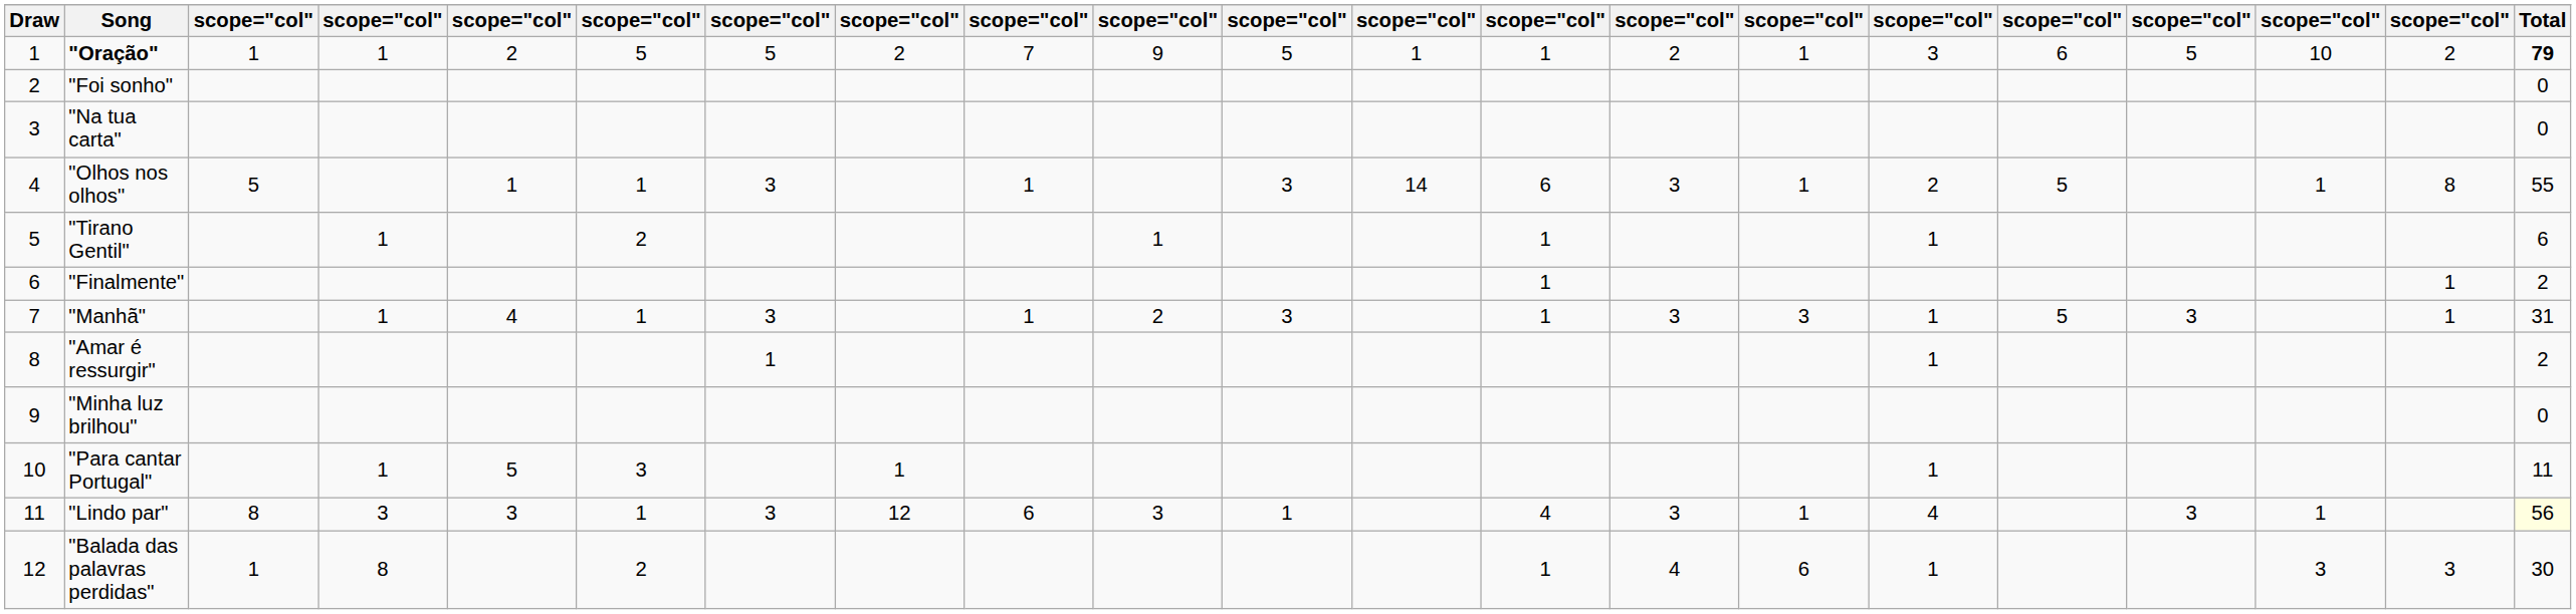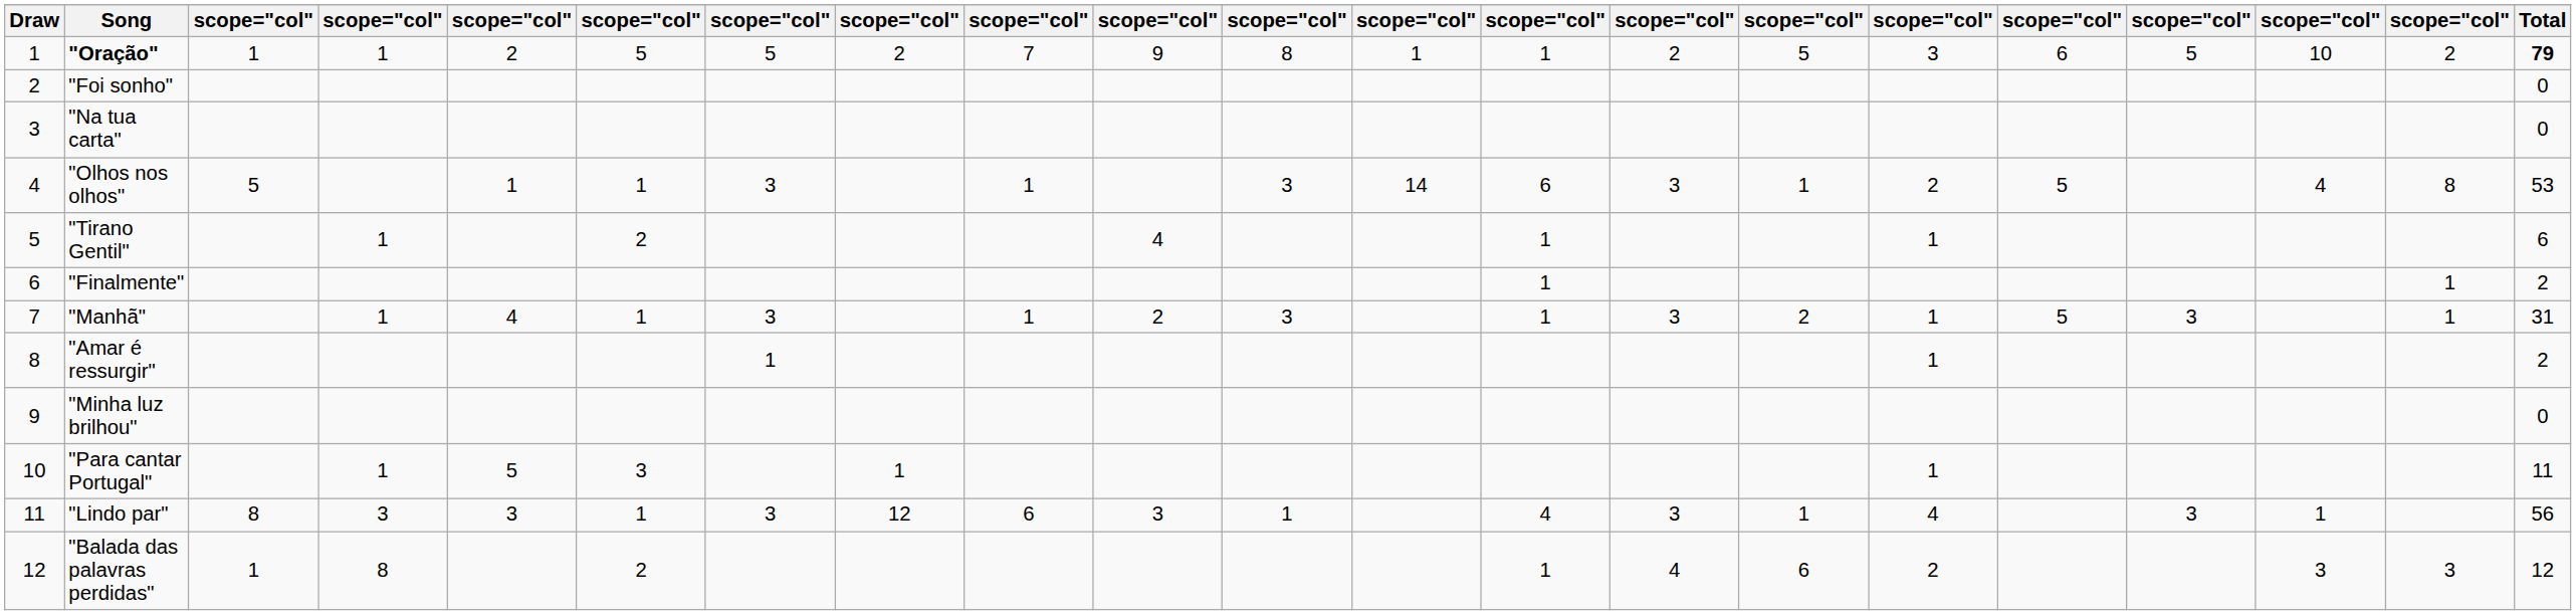 <table class="wikitable plainrowheaders" style="margin: 1em auto 1em auto; text-align:center;">
 <tr>
 </tr>
 <tr>
 <th scope="col">Draw</th>
 <th scope="col">Song</th>
 <th>scope="col" </th>
 <th>scope="col" </th>
 <th>scope="col" </th>
 <th>scope="col" </th>
 <th>scope="col" </th>
 <th>scope="col" </th>
 <th>scope="col" </th>
 <th>scope="col" </th>
 <th>scope="col" </th>
 <th>scope="col" </th>
 <th>scope="col" </th>
 <th>scope="col" </th>
 <th>scope="col" </th>
 <th>scope="col" </th>
 <th>scope="col" </th>
 <th>scope="col" </th>
 <th>scope="col" </th>
 <th>scope="col" </th>
 <th scope="col">Total</th>
 </tr>
 <tr>
 <td>1</td>
 <td align="left"><strong>"Oração"</strong></td>
 <td>1</td>
 <td>1</td>
 <td>2</td>
 <td>5</td>
 <td>5</td>
 <td>2</td>
 <td>7</td>
 <td>9</td>
-<td>5</td>
+<td>8</td>
 <td>1</td>
 <td>1</td>
 <td>2</td>
-<td>1</td>
+<td>5</td>
 <td>3</td>
 <td>6</td>
 <td>5</td>
 <td>10</td>
 <td>2</td>
 <td><strong>79</strong></td>
 </tr>
 <tr>
 <td>2</td>
 <td align="left">"Foi sonho"</td>
 <td></td>
 <td></td>
 <td></td>
 <td></td>
 <td></td>
 <td></td>
 <td></td>
 <td></td>
 <td></td>
 <td></td>
 <td></td>
 <td></td>
 <td></td>
 <td></td>
 <td></td>
 <td></td>
 <td></td>
 <td></td>
 <td>0</td>
 </tr>
 <tr>
 <td>3</td>
 <td align="left">"Na tua carta"</td>
 <td></td>
 <td></td>
 <td></td>
 <td></td>
 <td></td>
 <td></td>
 <td></td>
 <td></td>
 <td></td>
 <td></td>
 <td></td>
 <td></td>
 <td></td>
 <td></td>
 <td></td>
 <td></td>
 <td></td>
 <td></td>
 <td>0</td>
 </tr>
 <tr>
 <td>4</td>
 <td align="left">"Olhos nos olhos"</td>
 <td>5</td>
 <td></td>
 <td>1</td>
 <td>1</td>
 <td>3</td>
 <td></td>
 <td>1</td>
 <td></td>
 <td>3</td>
 <td>14</td>
 <td>6</td>
 <td>3</td>
 <td>1</td>
 <td>2</td>
 <td>5</td>
 <td></td>
-<td>1</td>
+<td>4</td>
 <td>8</td>
-<td>55</td>
+<td>53</td>
 </tr>
 <tr>
 <td>5</td>
 <td align="left">"Tirano Gentil"</td>
 <td></td>
 <td>1</td>
 <td></td>
 <td>2</td>
 <td></td>
 <td></td>
 <td></td>
-<td>1</td>
+<td>4</td>
 <td></td>
 <td></td>
 <td>1</td>
 <td></td>
 <td></td>
 <td>1</td>
 <td></td>
 <td></td>
 <td></td>
 <td></td>
 <td>6</td>
 </tr>
 <tr>
 <td>6</td>
 <td align="left">"Finalmente"</td>
 <td></td>
 <td></td>
 <td></td>
 <td></td>
 <td></td>
 <td></td>
 <td></td>
 <td></td>
 <td></td>
 <td></td>
 <td>1</td>
 <td></td>
 <td></td>
 <td></td>
 <td></td>
 <td></td>
 <td></td>
 <td>1</td>
 <td>2</td>
 </tr>
 <tr>
 <td>7</td>
 <td align="left">"Manhã"</td>
 <td></td>
 <td>1</td>
 <td>4</td>
 <td>1</td>
 <td>3</td>
 <td></td>
 <td>1</td>
 <td>2</td>
 <td>3</td>
 <td></td>
 <td>1</td>
 <td>3</td>
-<td>3</td>
+<td>2</td>
 <td>1</td>
 <td>5</td>
 <td>3</td>
 <td></td>
 <td>1</td>
 <td>31</td>
 </tr>
 <tr>
 <td>8</td>
 <td align="left">"Amar é ressurgir"</td>
 <td></td>
 <td></td>
 <td></td>
 <td></td>
 <td>1</td>
 <td></td>
 <td></td>
 <td></td>
 <td></td>
 <td></td>
 <td></td>
 <td></td>
 <td></td>
 <td>1</td>
 <td></td>
 <td></td>
 <td></td>
 <td></td>
 <td>2</td>
 </tr>
 <tr>
 <td>9</td>
 <td align="left">"Minha luz brilhou"</td>
 <td></td>
 <td></td>
 <td></td>
 <td></td>
 <td></td>
 <td></td>
 <td></td>
 <td></td>
 <td></td>
 <td></td>
 <td></td>
 <td></td>
 <td></td>
 <td></td>
 <td></td>
 <td></td>
 <td></td>
 <td></td>
 <td>0</td>
 </tr>
 <tr>
 <td>10</td>
 <td align="left">"Para cantar Portugal"</td>
 <td></td>
 <td>1</td>
 <td>5</td>
 <td>3</td>
 <td></td>
 <td>1</td>
 <td></td>
 <td></td>
 <td></td>
 <td></td>
 <td></td>
 <td></td>
 <td></td>
 <td>1</td>
 <td></td>
 <td></td>
 <td></td>
 <td></td>
 <td>11</td>
 </tr>
 <tr>
 <td>11</td>
 <td align="left">"Lindo par"</td>
 <td>8</td>
 <td>3</td>
 <td>3</td>
 <td>1</td>
 <td>3</td>
 <td>12</td>
 <td>6</td>
 <td>3</td>
 <td>1</td>
 <td></td>
 <td>4</td>
 <td>3</td>
 <td>1</td>
 <td>4</td>
 <td></td>
 <td>3</td>
 <td>1</td>
 <td></td>
-<td style="background: lightyellow;">56</td>
+<td>56</td>
 </tr>
 <tr>
 <td>12</td>
 <td align="left">"Balada das palavras perdidas"</td>
 <td>1</td>
 <td>8</td>
 <td></td>
 <td>2</td>
 <td></td>
 <td></td>
 <td></td>
 <td></td>
 <td></td>
 <td></td>
 <td>1</td>
 <td>4</td>
 <td>6</td>
-<td>1</td>
+<td>2</td>
 <td></td>
 <td></td>
 <td>3</td>
 <td>3</td>
-<td>30</td>
+<td>12</td>
 </tr>
 </table>
